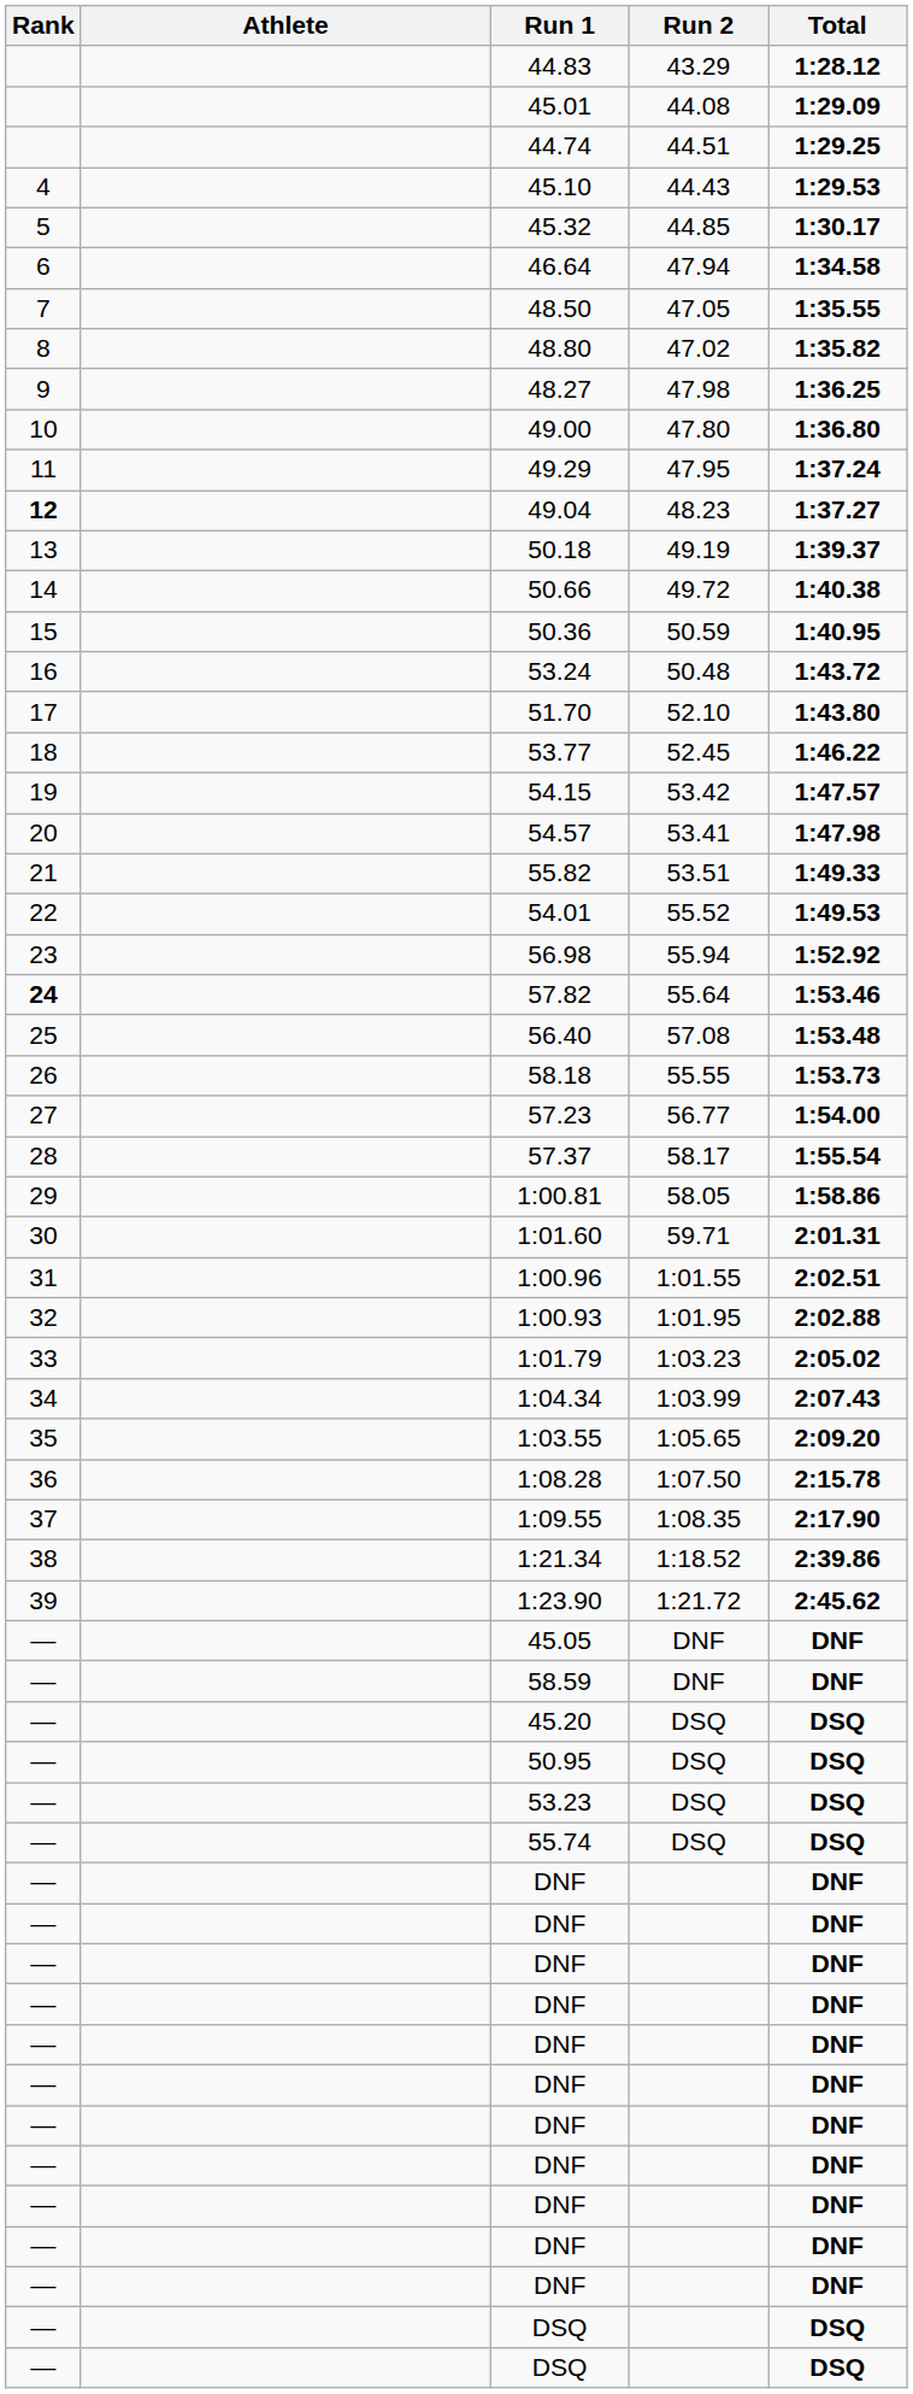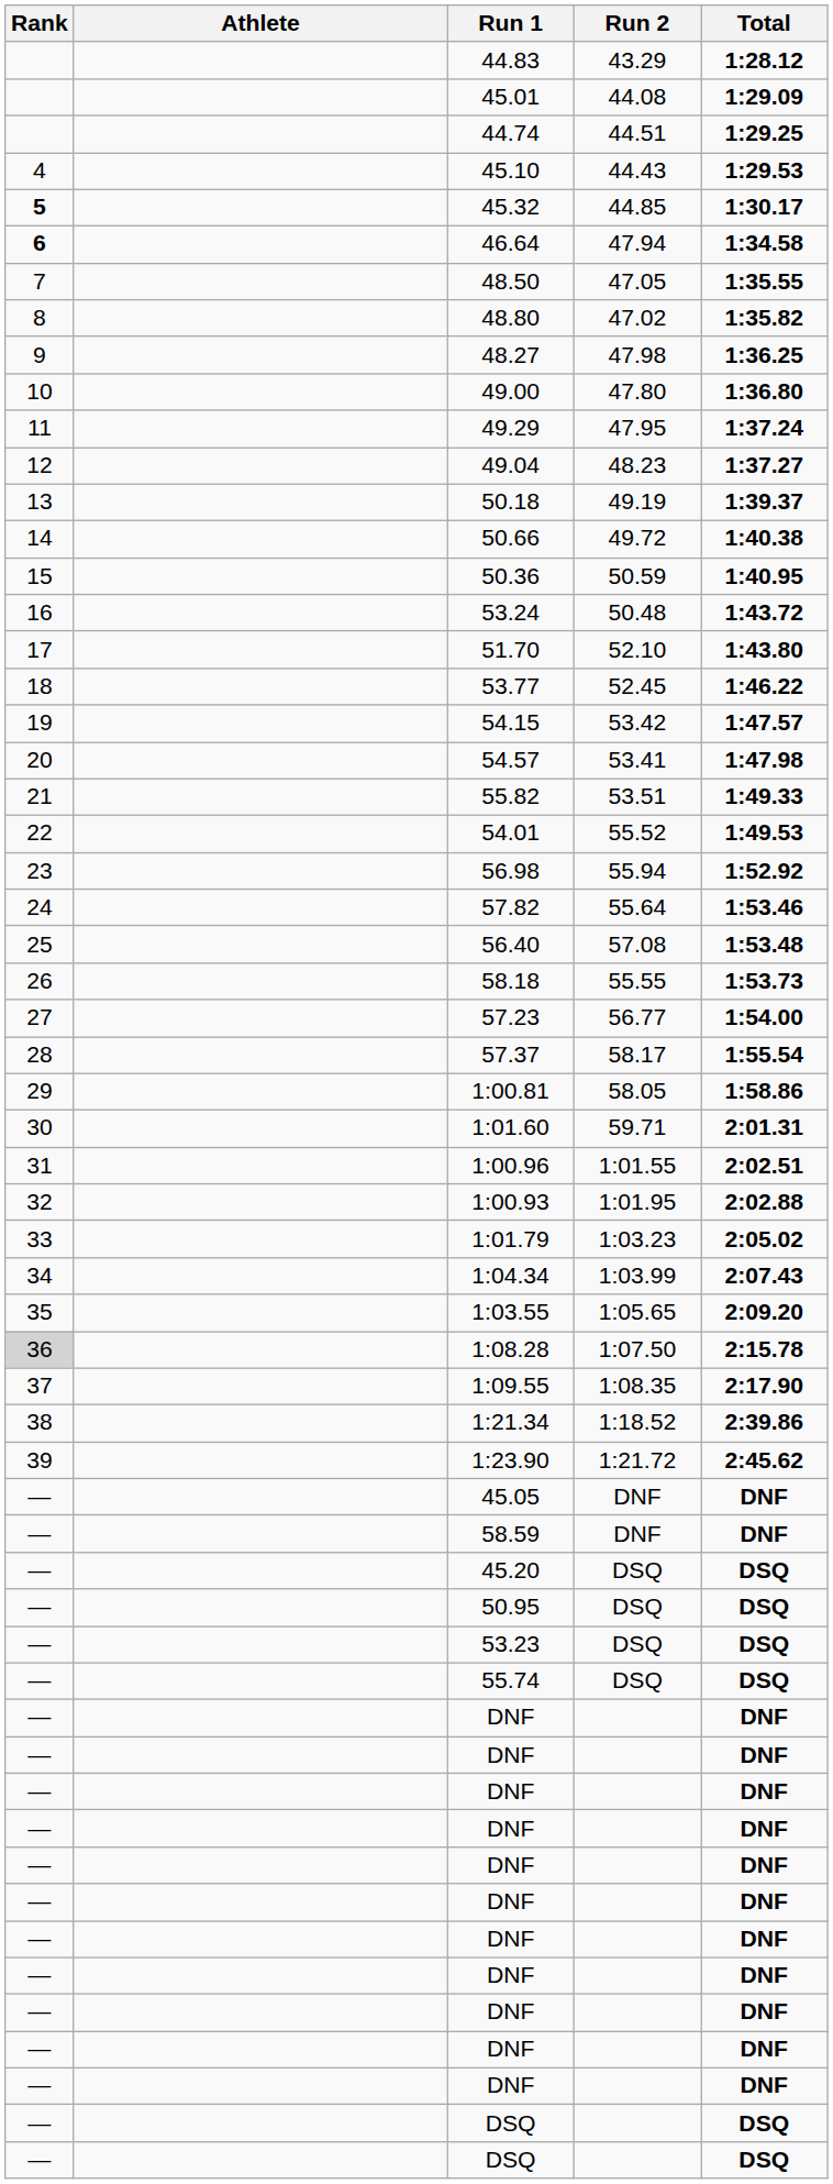 <table class=wikitable style="text-align:center">
 <tr>
 <th width=40>Rank</th>
 <th width=250>Athlete</th>
 <th width=80>Run 1</th>
 <th width=80>Run 2</th>
 <th width=80>Total</th>
 </tr>
 <tr>
 <td></td>
 <td align=left></td>
 <td>44.83</td>
 <td>43.29</td>
 <td><strong>1:28.12</strong></td>
 </tr>
 <tr>
 <td></td>
 <td align=left></td>
 <td>45.01</td>
 <td>44.08</td>
 <td><strong>1:29.09</strong></td>
 </tr>
 <tr>
 <td></td>
 <td align=left></td>
 <td>44.74</td>
 <td>44.51</td>
 <td><strong>1:29.25</strong></td>
 </tr>
 <tr>
 <td>4</td>
 <td align=left></td>
 <td>45.10</td>
 <td>44.43</td>
 <td><strong>1:29.53</strong></td>
 </tr>
 <tr>
-<td>5</td>
+<td><strong>5</strong></td>
 <td align=left></td>
 <td>45.32</td>
 <td>44.85</td>
 <td><strong>1:30.17</strong></td>
 </tr>
 <tr>
-<td>6</td>
+<td><strong>6</strong></td>
 <td align=left></td>
 <td>46.64</td>
 <td>47.94</td>
 <td><strong>1:34.58</strong></td>
 </tr>
 <tr>
 <td>7</td>
 <td align=left></td>
 <td>48.50</td>
 <td>47.05</td>
 <td><strong>1:35.55</strong></td>
 </tr>
 <tr>
 <td>8</td>
 <td align=left></td>
 <td>48.80</td>
 <td>47.02</td>
 <td><strong>1:35.82</strong></td>
 </tr>
 <tr>
 <td>9</td>
 <td align=left></td>
 <td>48.27</td>
 <td>47.98</td>
 <td><strong>1:36.25</strong></td>
 </tr>
 <tr>
 <td>10</td>
 <td align=left></td>
 <td>49.00</td>
 <td>47.80</td>
 <td><strong>1:36.80</strong></td>
 </tr>
 <tr>
 <td>11</td>
 <td align=left></td>
 <td>49.29</td>
 <td>47.95</td>
 <td><strong>1:37.24</strong></td>
 </tr>
 <tr>
-<td><strong>12</strong></td>
+<td>12</td>
 <td align=left></td>
 <td>49.04</td>
 <td>48.23</td>
 <td><strong>1:37.27</strong></td>
 </tr>
 <tr>
 <td>13</td>
 <td align=left></td>
 <td>50.18</td>
 <td>49.19</td>
 <td><strong>1:39.37</strong></td>
 </tr>
 <tr>
 <td>14</td>
 <td align=left></td>
 <td>50.66</td>
 <td>49.72</td>
 <td><strong>1:40.38</strong></td>
 </tr>
 <tr>
 <td>15</td>
 <td align=left></td>
 <td>50.36</td>
 <td>50.59</td>
 <td><strong>1:40.95</strong></td>
 </tr>
 <tr>
 <td>16</td>
 <td align=left></td>
 <td>53.24</td>
 <td>50.48</td>
 <td><strong>1:43.72</strong></td>
 </tr>
 <tr>
 <td>17</td>
 <td align=left></td>
 <td>51.70</td>
 <td>52.10</td>
 <td><strong>1:43.80</strong></td>
 </tr>
 <tr>
 <td>18</td>
 <td align=left></td>
 <td>53.77</td>
 <td>52.45</td>
 <td><strong>1:46.22</strong></td>
 </tr>
 <tr>
 <td>19</td>
 <td align=left></td>
 <td>54.15</td>
 <td>53.42</td>
 <td><strong>1:47.57</strong></td>
 </tr>
 <tr>
 <td>20</td>
 <td align=left></td>
 <td>54.57</td>
 <td>53.41</td>
 <td><strong>1:47.98</strong></td>
 </tr>
 <tr>
 <td>21</td>
 <td align=left></td>
 <td>55.82</td>
 <td>53.51</td>
 <td><strong>1:49.33</strong></td>
 </tr>
 <tr>
 <td>22</td>
 <td align=left></td>
 <td>54.01</td>
 <td>55.52</td>
 <td><strong>1:49.53</strong></td>
 </tr>
 <tr>
 <td>23</td>
 <td align=left></td>
 <td>56.98</td>
 <td>55.94</td>
 <td><strong>1:52.92</strong></td>
 </tr>
 <tr>
-<td><strong>24</strong></td>
+<td>24</td>
 <td align=left></td>
 <td>57.82</td>
 <td>55.64</td>
 <td><strong>1:53.46</strong></td>
 </tr>
 <tr>
 <td>25</td>
 <td align=left></td>
 <td>56.40</td>
 <td>57.08</td>
 <td><strong>1:53.48</strong></td>
 </tr>
 <tr>
 <td>26</td>
 <td align=left></td>
 <td>58.18</td>
 <td>55.55</td>
 <td><strong>1:53.73</strong></td>
 </tr>
 <tr>
 <td>27</td>
 <td align=left></td>
 <td>57.23</td>
 <td>56.77</td>
 <td><strong>1:54.00</strong></td>
 </tr>
 <tr>
 <td>28</td>
 <td align=left></td>
 <td>57.37</td>
 <td>58.17</td>
 <td><strong>1:55.54</strong></td>
 </tr>
 <tr>
 <td>29</td>
 <td align=left></td>
 <td>1:00.81</td>
 <td>58.05</td>
 <td><strong>1:58.86</strong></td>
 </tr>
 <tr>
 <td>30</td>
 <td align=left></td>
 <td>1:01.60</td>
 <td>59.71</td>
 <td><strong>2:01.31</strong></td>
 </tr>
 <tr>
 <td>31</td>
 <td align=left></td>
 <td>1:00.96</td>
 <td>1:01.55</td>
 <td><strong>2:02.51</strong></td>
 </tr>
 <tr>
 <td>32</td>
 <td align=left></td>
 <td>1:00.93</td>
 <td>1:01.95</td>
 <td><strong>2:02.88</strong></td>
 </tr>
 <tr>
 <td>33</td>
 <td align=left></td>
 <td>1:01.79</td>
 <td>1:03.23</td>
 <td><strong>2:05.02</strong></td>
 </tr>
 <tr>
 <td>34</td>
 <td align=left></td>
 <td>1:04.34</td>
 <td>1:03.99</td>
 <td><strong>2:07.43</strong></td>
 </tr>
 <tr>
 <td>35</td>
 <td align=left></td>
 <td>1:03.55</td>
 <td>1:05.65</td>
 <td><strong>2:09.20</strong></td>
 </tr>
 <tr>
-<td>36</td>
+<td style="background: lightgrey;">36</td>
 <td align=left></td>
 <td>1:08.28</td>
 <td>1:07.50</td>
 <td><strong>2:15.78</strong></td>
 </tr>
 <tr>
 <td>37</td>
 <td align=left></td>
 <td>1:09.55</td>
 <td>1:08.35</td>
 <td><strong>2:17.90</strong></td>
 </tr>
 <tr>
 <td>38</td>
 <td align=left></td>
 <td>1:21.34</td>
 <td>1:18.52</td>
 <td><strong>2:39.86</strong></td>
 </tr>
 <tr>
 <td>39</td>
 <td align=left></td>
 <td>1:23.90</td>
 <td>1:21.72</td>
 <td><strong>2:45.62</strong></td>
 </tr>
 <tr>
 <td>—</td>
 <td align=left></td>
 <td>45.05</td>
 <td>DNF</td>
 <td><strong>DNF</strong></td>
 </tr>
 <tr>
 <td>—</td>
 <td align=left></td>
 <td>58.59</td>
 <td>DNF</td>
 <td><strong>DNF</strong></td>
 </tr>
 <tr>
 <td>—</td>
 <td align=left></td>
 <td>45.20</td>
 <td>DSQ</td>
 <td><strong>DSQ</strong></td>
 </tr>
 <tr>
 <td>—</td>
 <td align=left></td>
 <td>50.95</td>
 <td>DSQ</td>
 <td><strong>DSQ</strong></td>
 </tr>
 <tr>
 <td>—</td>
 <td align=left></td>
 <td>53.23</td>
 <td>DSQ</td>
 <td><strong>DSQ</strong></td>
 </tr>
 <tr>
 <td>—</td>
 <td align=left></td>
 <td>55.74</td>
 <td>DSQ</td>
 <td><strong>DSQ</strong></td>
 </tr>
 <tr>
 <td>—</td>
 <td align=left></td>
 <td>DNF</td>
 <td></td>
 <td><strong>DNF</strong></td>
 </tr>
 <tr>
 <td>—</td>
 <td align=left></td>
 <td>DNF</td>
 <td></td>
 <td><strong>DNF</strong></td>
 </tr>
 <tr>
 <td>—</td>
 <td align=left></td>
 <td>DNF</td>
 <td></td>
 <td><strong>DNF</strong></td>
 </tr>
 <tr>
 <td>—</td>
 <td align=left></td>
 <td>DNF</td>
 <td></td>
 <td><strong>DNF</strong></td>
 </tr>
 <tr>
 <td>—</td>
 <td align=left></td>
 <td>DNF</td>
 <td></td>
 <td><strong>DNF</strong></td>
 </tr>
 <tr>
 <td>—</td>
 <td align=left></td>
 <td>DNF</td>
 <td></td>
 <td><strong>DNF</strong></td>
 </tr>
 <tr>
 <td>—</td>
 <td align=left></td>
 <td>DNF</td>
 <td></td>
 <td><strong>DNF</strong></td>
 </tr>
 <tr>
 <td>—</td>
 <td align=left></td>
 <td>DNF</td>
 <td></td>
 <td><strong>DNF</strong></td>
 </tr>
 <tr>
 <td>—</td>
 <td align=left></td>
 <td>DNF</td>
 <td></td>
 <td><strong>DNF</strong></td>
 </tr>
 <tr>
 <td>—</td>
 <td align=left></td>
 <td>DNF</td>
 <td></td>
 <td><strong>DNF</strong></td>
 </tr>
 <tr>
 <td>—</td>
 <td align=left></td>
 <td>DNF</td>
 <td></td>
 <td><strong>DNF</strong></td>
 </tr>
 <tr>
 <td>—</td>
 <td align=left></td>
 <td>DSQ</td>
 <td></td>
 <td><strong>DSQ</strong></td>
 </tr>
 <tr>
 <td>—</td>
 <td align=left></td>
 <td>DSQ</td>
 <td></td>
 <td><strong>DSQ</strong></td>
 </tr>
 </table>
